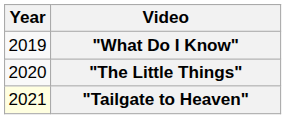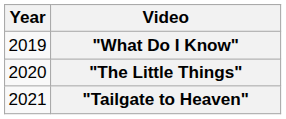 <table class="wikitable plainrowheaders">
 <tr>
 <th style="width:1em;">Year</th>
 <th style="width:13em;">Video</th>
 </tr>
 <tr>
 <td>2019</td>
 <th scope="row">"What Do I Know"</th>
 </tr>
 <tr>
 <td>2020</td>
 <th scope="row">"The Little Things"</th>
 </tr>
 <tr>
-<td style="background: lightyellow;">2021</td>
+<td>2021</td>
 <th scope="row">"Tailgate to Heaven"<br></th>
 </tr>
 </table>
